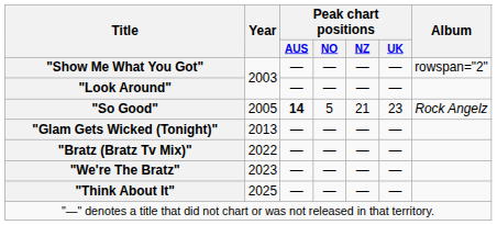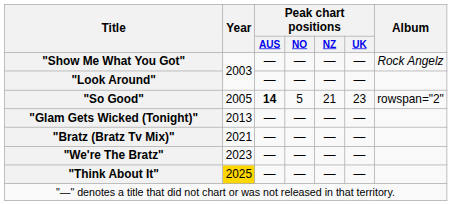 <table class="wikitable plainrowheaders" style="text-align:center;">
 <tr>
 <th scope="col" rowspan="2" style="width:18em;">Title</th>
 <th scope="col" rowspan="2">Year</th>
 <th scope="col" colspan="4">Peak chart positions</th>
 <th scope="col" rowspan="2">Album</th>
 </tr>
 <tr>
 <th scope="col" style="width:2.5em; font-size:85%;"><a href='#'>AUS</a><br></th>
 <th scope="col" style="width:2.5em; font-size:85%;"><a href='#'>NO</a><br></th>
 <th scope="col" style="width:2.5em; font-size:85%;"><a href='#'>NZ</a><br></th>
 <th scope="col" style="width:2.5em; font-size:85%;"><a href='#'>UK</a><br></th>
 </tr>
 <tr>
 <th scope="row">"Show Me What You Got"<br></th>
 <td rowspan="2">2003</td>
 <td>—</td>
 <td>—</td>
 <td>—</td>
 <td>—</td>
-<td>rowspan="2" </td>
+<td><em>Rock Angelz</em></td>
 </tr>
 <tr>
 <th scope="row">"Look Around"<br></th>
 <td>—</td>
 <td>—</td>
 <td>—</td>
 <td>—</td>
 </tr>
 <tr>
 <th scope="row">"So Good"</th>
 <td>2005</td>
 <td><strong>14</strong></td>
 <td>5</td>
 <td>21</td>
 <td>23</td>
-<td><em>Rock Angelz</em></td>
+<td>rowspan="2" </td>
 </tr>
 <tr>
 <th scope="row">"Glam Gets Wicked (Tonight)"<br></th>
 <td>2013</td>
 <td>—</td>
 <td>—</td>
 <td>—</td>
 <td>—</td>
 <td></td>
 </tr>
 <tr>
 <th scope="row">"Bratz (Bratz Tv Mix)"</th>
-<td>2022</td>
+<td>2021</td>
 <td>—</td>
 <td>—</td>
 <td>—</td>
 <td>—</td>
 <td></td>
 </tr>
 <tr>
 <th scope="row">"We're The Bratz"</th>
 <td>2023</td>
 <td>—</td>
 <td>—</td>
 <td>—</td>
 <td>—</td>
 <td></td>
 </tr>
 <tr>
 <th scope="row">"Think About It"</th>
-<td>2025</td>
+<td style="background: gold;">2025</td>
 <td>—</td>
 <td>—</td>
 <td>—</td>
 <td>—</td>
 <td></td>
 </tr>
 <tr>
 <td colspan="10" style="font-size:90%">"—" denotes a title that did not chart or was not released in that territory.</td>
 </tr>
 </table>
